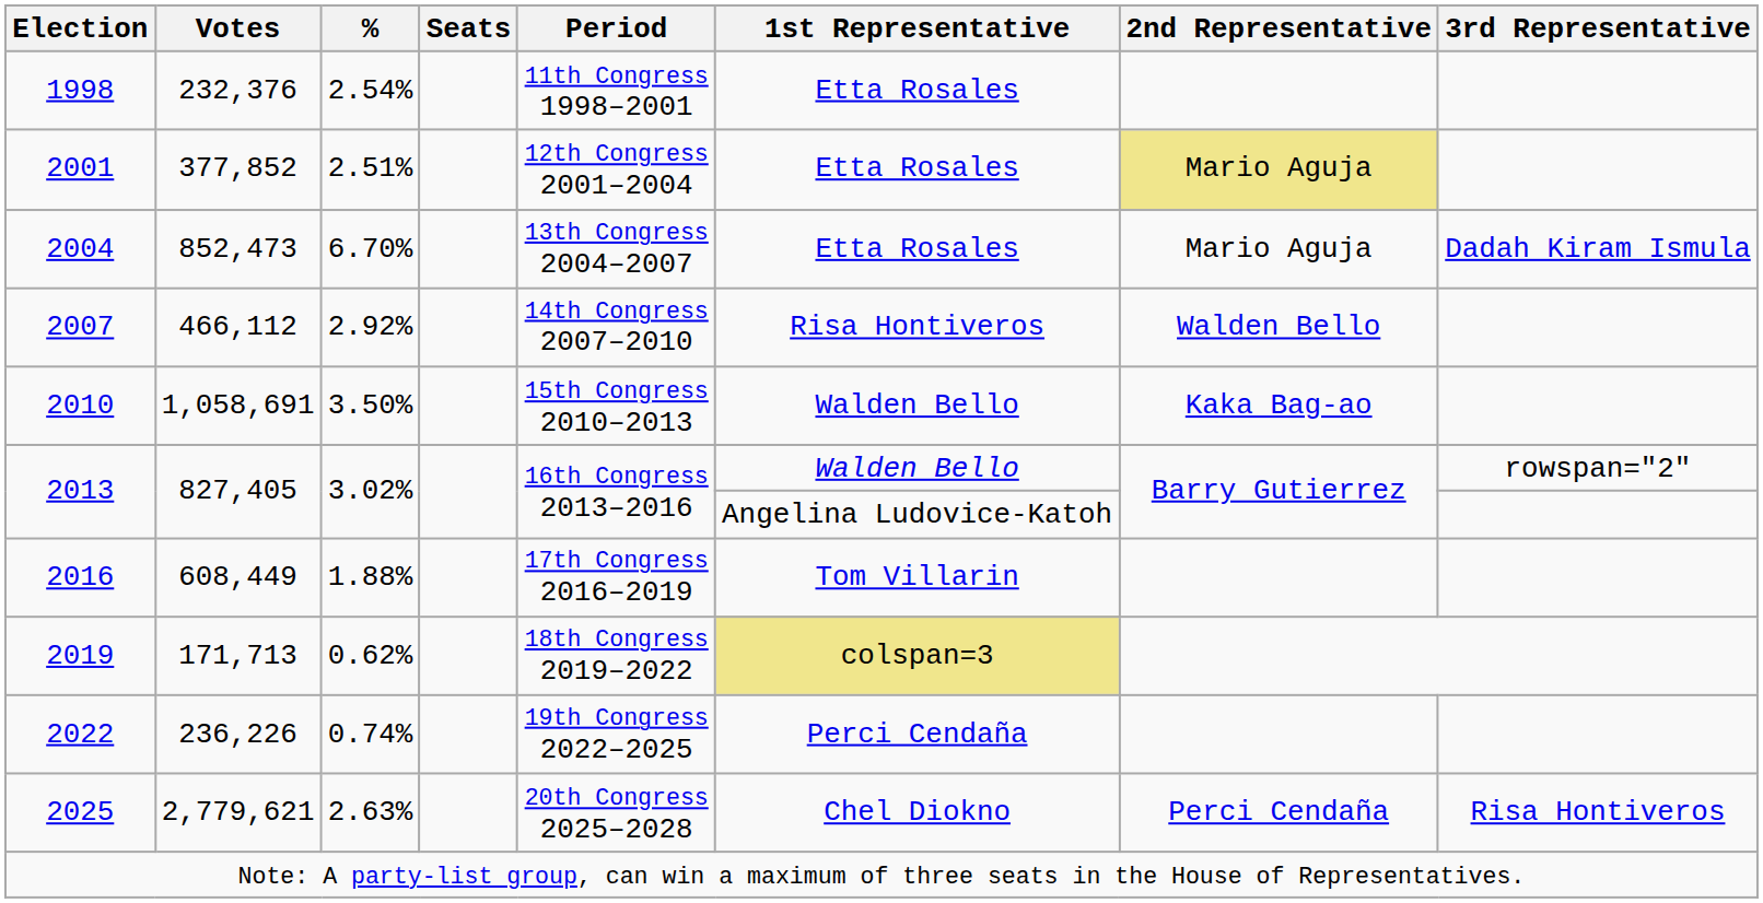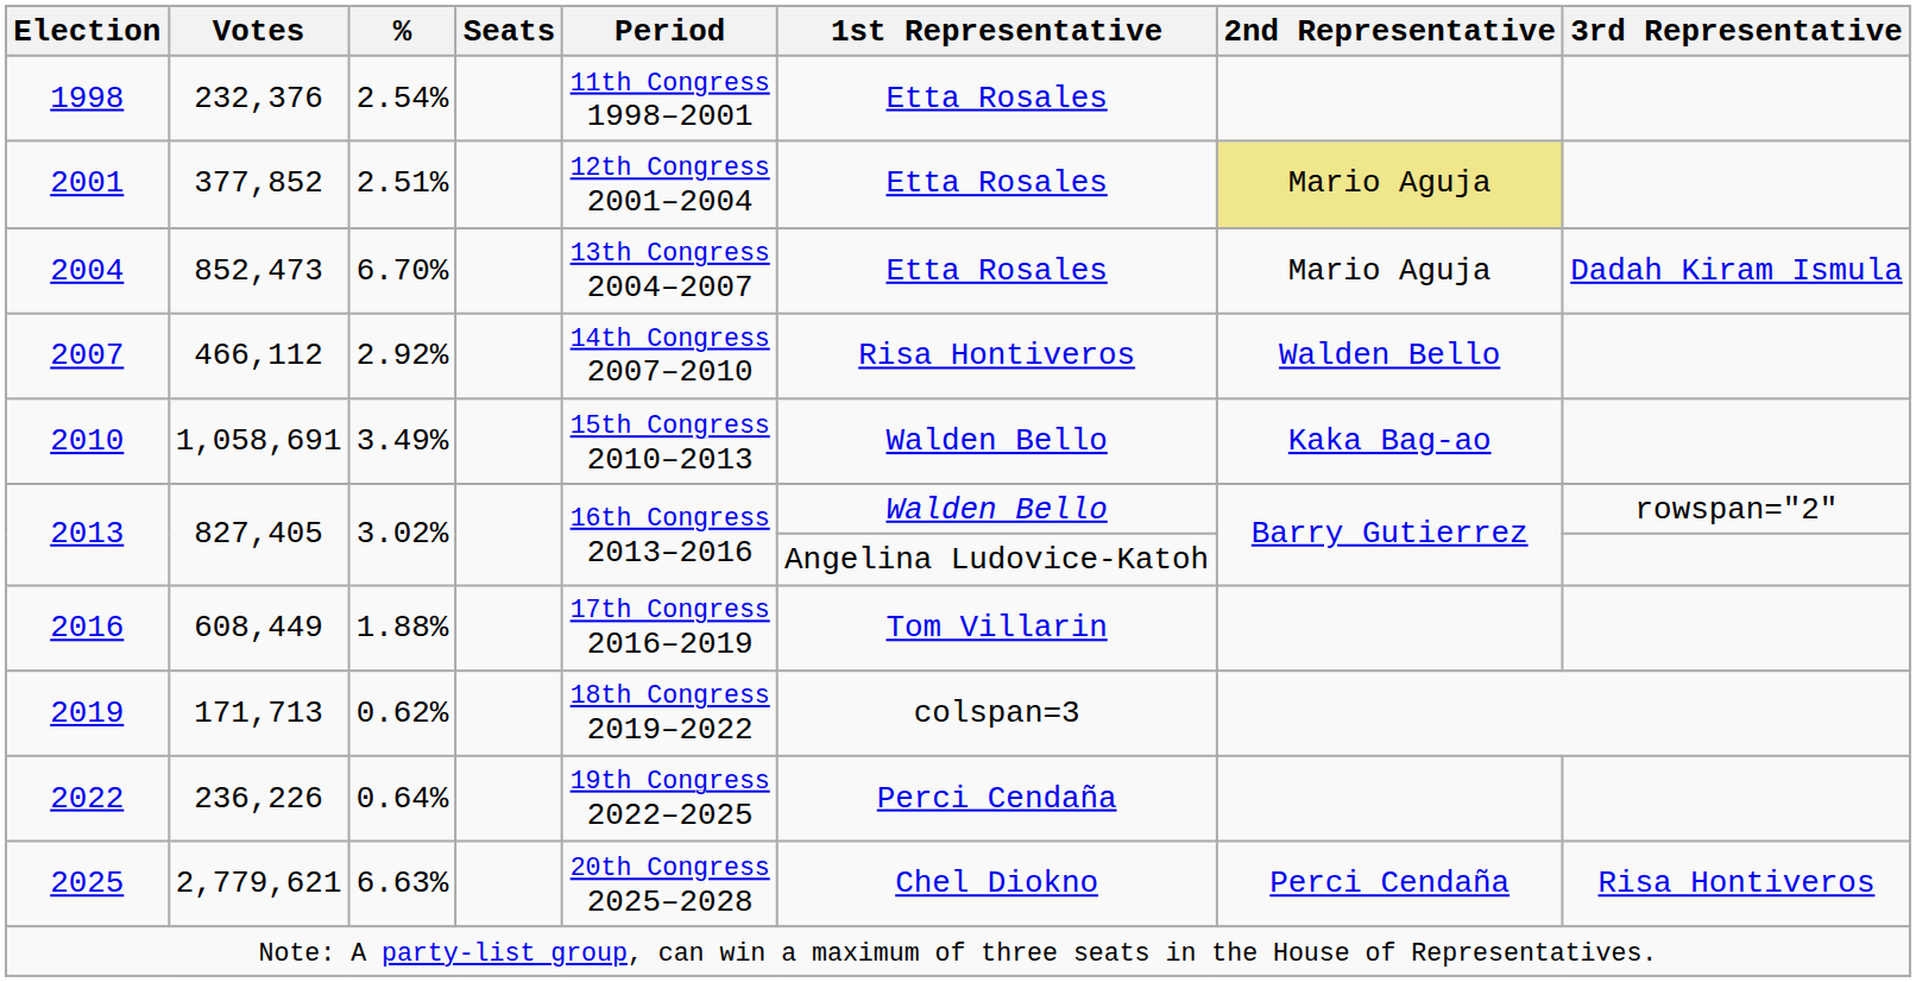 <table class="wikitable" style="text-align:center";>
 <tr>
 <th>Election</th>
 <th>Votes</th>
 <th>%</th>
 <th>Seats</th>
 <th>Period</th>
 <th>1st Representative</th>
 <th>2nd Representative</th>
 <th>3rd Representative</th>
 </tr>
 <tr>
 <td><a href='#'>1998</a></td>
 <td>232,376</td>
 <td>2.54%</td>
 <td></td>
 <td><small><a href='#'>11th Congress</a></small><br>1998–2001<br></td>
 <td><a href='#'>Etta Rosales</a></td>
 <td></td>
 <td></td>
 </tr>
 <tr>
 <td><a href='#'>2001</a></td>
 <td>377,852</td>
 <td>2.51%</td>
 <td></td>
 <td><small><a href='#'>12th Congress</a></small><br>2001–2004<br></td>
 <td><a href='#'>Etta Rosales</a></td>
 <td style="background: khaki;">Mario Aguja</td>
 <td></td>
 </tr>
 <tr>
 <td><a href='#'>2004</a></td>
 <td>852,473</td>
 <td>6.70%</td>
 <td></td>
 <td><small><a href='#'>13th Congress</a></small><br>2004–2007<br></td>
 <td><a href='#'>Etta Rosales</a></td>
 <td>Mario Aguja</td>
 <td><a href='#'>Dadah Kiram Ismula</a></td>
 </tr>
 <tr>
 <td><a href='#'>2007</a></td>
 <td>466,112</td>
 <td>2.92%</td>
 <td></td>
 <td><small><a href='#'>14th Congress</a></small><br>2007–2010<br></td>
 <td><a href='#'>Risa Hontiveros</a></td>
 <td><a href='#'>Walden Bello</a></td>
 <td></td>
 </tr>
 <tr>
 <td><a href='#'>2010</a></td>
 <td>1,058,691</td>
-<td>3.50%</td>
+<td>3.49%</td>
 <td></td>
 <td><small><a href='#'>15th Congress</a></small><br>2010–2013<br></td>
 <td><a href='#'>Walden Bello</a></td>
 <td><a href='#'>Kaka Bag-ao</a></td>
 <td></td>
 </tr>
 <tr>
 <td rowspan="2"><a href='#'>2013</a></td>
 <td rowspan="2">827,405</td>
 <td rowspan="2">3.02%</td>
 <td rowspan="2"></td>
 <td rowspan="2"><small><a href='#'>16th Congress</a></small><br>2013–2016<br></td>
 <td><em><a href='#'>Walden Bello</a></em><br></td>
 <td rowspan="2"><a href='#'>Barry Gutierrez</a></td>
 <td>rowspan="2" </td>
 </tr>
 <tr>
 <td>Angelina Ludovice-Katoh<br></td>
 <td></td>
 </tr>
 <tr>
 <td><a href='#'>2016</a></td>
 <td>608,449</td>
 <td>1.88%</td>
 <td></td>
 <td><small><a href='#'>17th Congress</a></small><br>2016–2019<br></td>
 <td><a href='#'>Tom Villarin</a></td>
 <td></td>
 <td></td>
 </tr>
 <tr>
 <td><a href='#'>2019</a></td>
 <td>171,713</td>
 <td>0.62%</td>
 <td></td>
 <td><small><a href='#'>18th Congress</a></small><br>2019–2022<br></td>
-<td style="background: khaki;">colspan=3</td>
+<td>colspan=3</td>
 </tr>
 <tr>
 <td><a href='#'>2022</a></td>
 <td>236,226</td>
-<td>0.74%</td>
+<td>0.64%</td>
 <td></td>
 <td><small><a href='#'>19th Congress</a></small><br>2022–2025<br></td>
 <td><a href='#'>Perci Cendaña</a><br></td>
 <td></td>
 <td></td>
 </tr>
 <tr>
 <td><a href='#'>2025</a></td>
 <td>2,779,621</td>
-<td>2.63%</td>
+<td>6.63%</td>
 <td></td>
 <td><small><a href='#'>20th Congress</a></small><br>2025–2028<br></td>
 <td><a href='#'>Chel Diokno</a></td>
 <td><a href='#'>Perci Cendaña</a></td>
 <td><a href='#'>Risa Hontiveros</a></td>
 </tr>
 <tr>
 <td colspan="8"><small>Note: A <a href='#'>party-list group</a>, can win a maximum of three seats in the House of Representatives.</small></td>
 </tr>
 </table>
